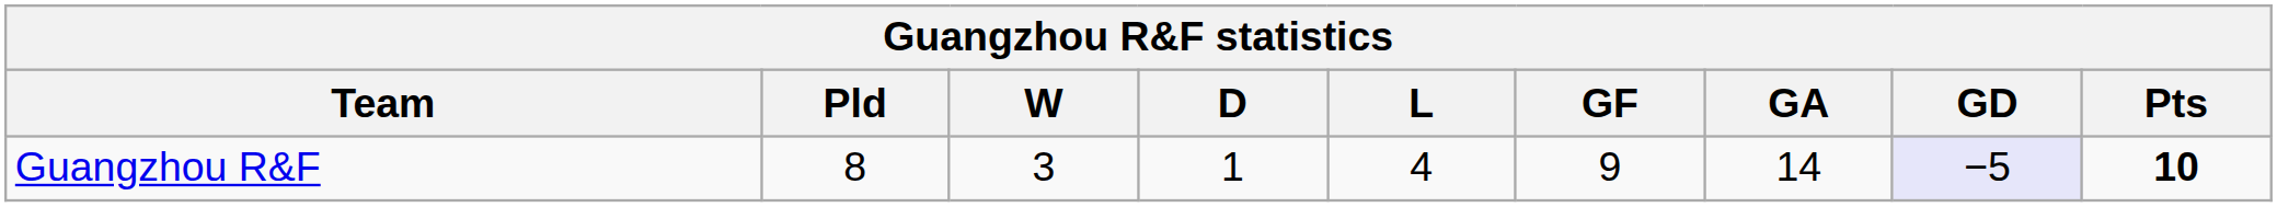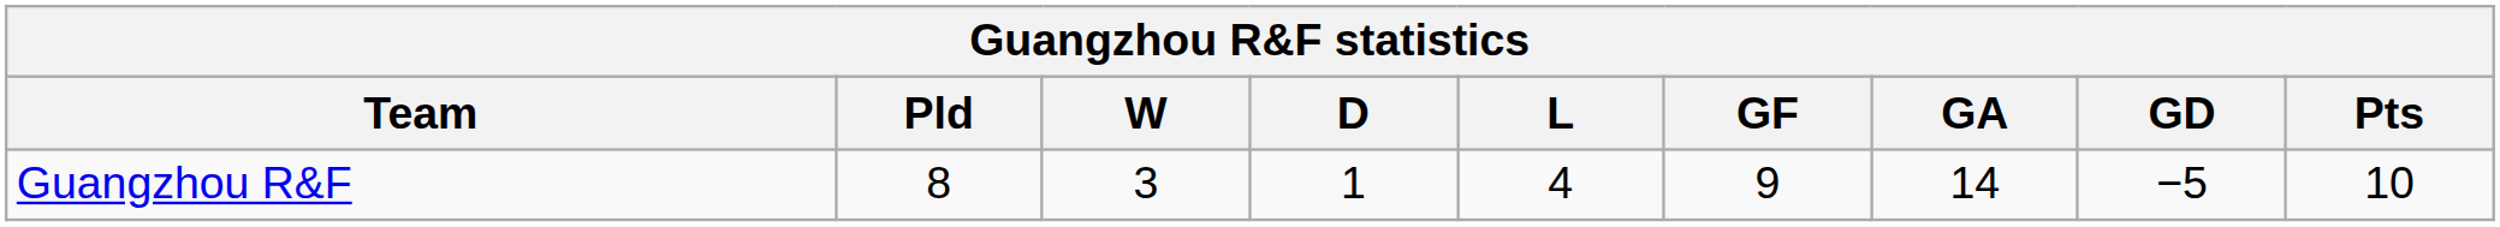 <table width=70% class="wikitable" style="text-align:">
 <tr>
 <th colspan=9>Guangzhou R&F statistics</th>
 </tr>
 <tr>
 <th width=20%>Team</th>
 <th width=5%>Pld</th>
 <th width=5%>W</th>
 <th width=5%>D</th>
 <th width=5%>L</th>
 <th width=5%>GF</th>
 <th width=5%>GA</th>
 <th width=5%>GD</th>
 <th width=5%>Pts</th>
 </tr>
 <tr align=center>
 <td align=left> <a href='#'>Guangzhou R&F</a></td>
 <td>8</td>
 <td>3</td>
 <td>1</td>
 <td>4</td>
 <td>9</td>
 <td>14</td>
-<td style="background: lavender;">−5</td>
-<td><strong>10</strong></td>
+<td>−5</td>
+<td>10</td>
 </tr>
 </table>
